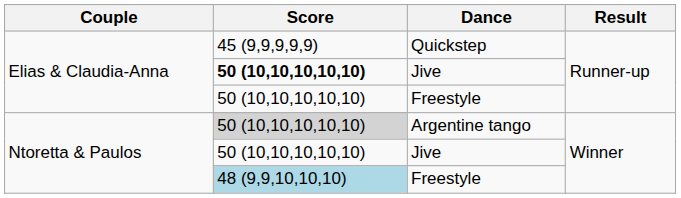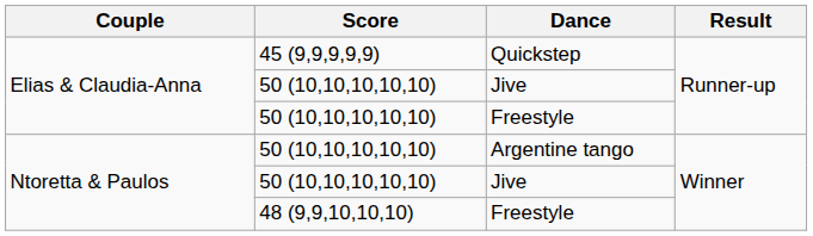 <table class="wikitable" style="width:40%;">
 <tr>
 <th>Couple</th>
 <th>Score</th>
 <th>Dance</th>
 <th>Result</th>
 </tr>
 <tr>
 <td rowspan="3">Elias & Claudia-Anna</td>
 <td>45 (9,9,9,9,9)</td>
 <td>Quickstep</td>
 <td rowspan="3">Runner-up</td>
 </tr>
 <tr>
-<td><strong>50 (10,10,10,10,10)</strong></td>
+<td>50 (10,10,10,10,10)</td>
 <td>Jive</td>
 </tr>
 <tr>
 <td>50 (10,10,10,10,10)</td>
 <td>Freestyle</td>
 </tr>
 <tr>
 <td rowspan="3">Ntoretta & Paulos</td>
-<td style="background: lightgrey;">50 (10,10,10,10,10)</td>
+<td>50 (10,10,10,10,10)</td>
 <td>Argentine tango</td>
 <td rowspan="3">Winner</td>
 </tr>
 <tr>
 <td>50 (10,10,10,10,10)</td>
 <td>Jive</td>
 </tr>
 <tr>
-<td style="background: lightblue;">48 (9,9,10,10,10)</td>
+<td>48 (9,9,10,10,10)</td>
 <td>Freestyle</td>
 </tr>
 </table>
